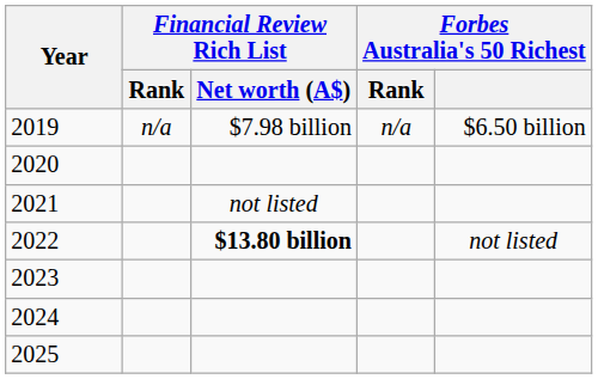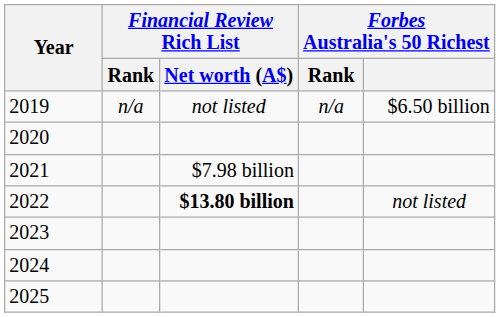 <table class="wikitable">
 <tr>
 <th rowspan=2>Year</th>
 <th colspan=2 width=40%><em><a href='#'>Financial Review</a></em><br><a href='#'>Rich List</a></th>
 <th colspan=2 width=40%><em><a href='#'>Forbes</a></em><br><a href='#'>Australia's 50 Richest</a></th>
 </tr>
 <tr>
 <th>Rank</th>
 <th><a href='#'>Net worth</a> (<a href='#'>A$</a>)</th>
 <th>Rank</th>
 <th></th>
 </tr>
 <tr>
 <td>2019</td>
 <td align="center"><em>n/a</em></td>
-<td align="right">$7.98 billion </td>
+<td align="center"><em>not listed</em></td>
 <td align="center"><em>n/a</em></td>
 <td align="right">$6.50 billion</td>
 </tr>
 <tr>
 <td>2020</td>
 <td align="center"></td>
 <td align="right"></td>
 <td align="center"></td>
 <td align="right"></td>
 </tr>
 <tr>
 <td>2021</td>
 <td align="center"></td>
-<td align="center"><em>not listed</em></td>
+<td align="right">$7.98 billion </td>
 <td align="center"></td>
 <td align="right"></td>
 </tr>
 <tr>
 <td>2022</td>
 <td align="center"></td>
 <td align="right"><strong>$13.80 billion </strong></td>
 <td align="center"></td>
 <td align="center"><em>not listed</em></td>
 </tr>
 <tr>
 <td>2023</td>
 <td align="center"> </td>
 <td align="right"></td>
 <td align="center"></td>
 <td align="right"></td>
 </tr>
 <tr>
 <td>2024</td>
 <td align="center"> </td>
 <td align="right"></td>
 <td align="center"></td>
 <td align="right"></td>
 </tr>
 <tr>
 <td>2025</td>
 <td align="center"> </td>
 <td align="right"></td>
 <td align="center"></td>
 <td align="right"></td>
 </tr>
 </table>
